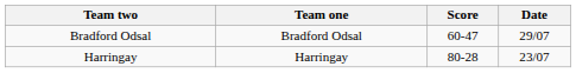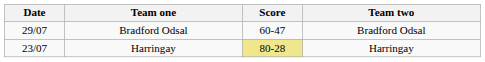 <table class="wikitable" style="text-align: center">
 <tr>
-<th width=250>Team two</th>
+<th width=80>Date</th>
 <th width=250>Team one</th>
 <th width=80>Score</th>
-<th width=80>Date</th>
+<th width=250>Team two</th>
 </tr>
 <tr>
-<td>Bradford Odsal</td>
+<td>29/07</td>
 <td>Bradford Odsal</td>
 <td>60-47</td>
-<td>29/07</td>
+<td>Bradford Odsal</td>
 </tr>
 <tr>
+<td>23/07</td>
 <td>Harringay</td>
+<td style="background: khaki;">80-28</td>
 <td>Harringay</td>
-<td>80-28</td>
-<td>23/07</td>
 </tr>
 </table>
